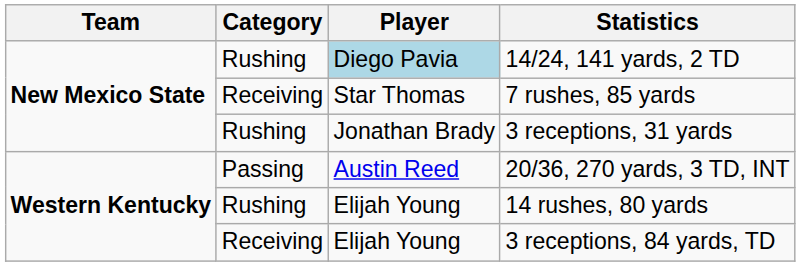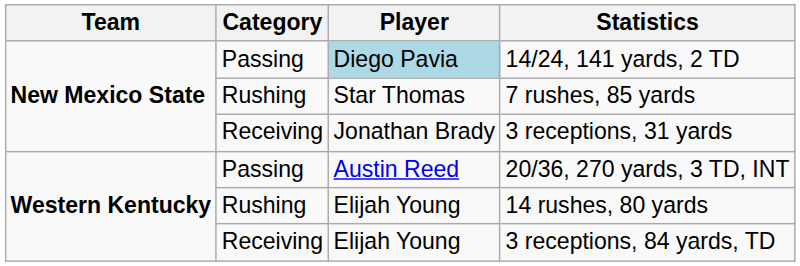 <table class="wikitable" style="float: right;">
 <tr>
 <th>Team</th>
 <th>Category</th>
 <th>Player</th>
 <th>Statistics</th>
 </tr>
 <tr>
 <td rowspan=3><strong>New Mexico State</strong></td>
-<td>Rushing</td>
+<td>Passing</td>
 <td style="background: lightblue;">Diego Pavia</td>
 <td>14/24, 141 yards, 2 TD</td>
 </tr>
 <tr>
-<td>Receiving</td>
+<td>Rushing</td>
 <td>Star Thomas</td>
 <td>7 rushes, 85 yards</td>
 </tr>
 <tr>
-<td>Rushing</td>
+<td>Receiving</td>
 <td>Jonathan Brady</td>
 <td>3 receptions, 31 yards</td>
 </tr>
 <tr>
 <td rowspan=3><strong>Western Kentucky</strong></td>
 <td>Passing</td>
 <td><a href='#'>Austin Reed</a></td>
 <td>20/36, 270 yards, 3 TD, INT</td>
 </tr>
 <tr>
 <td>Rushing</td>
 <td>Elijah Young</td>
 <td>14 rushes, 80 yards</td>
 </tr>
 <tr>
 <td>Receiving</td>
 <td>Elijah Young</td>
 <td>3 receptions, 84 yards, TD</td>
 </tr>
 </table>
